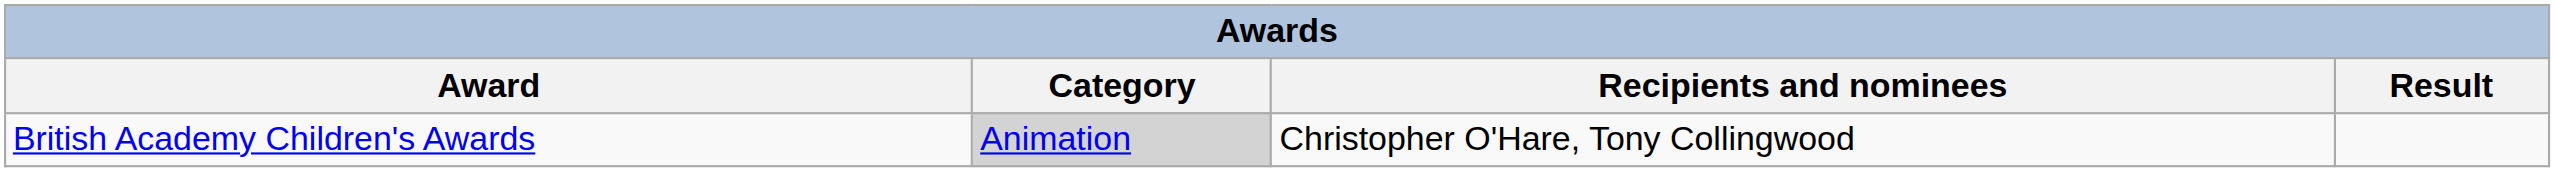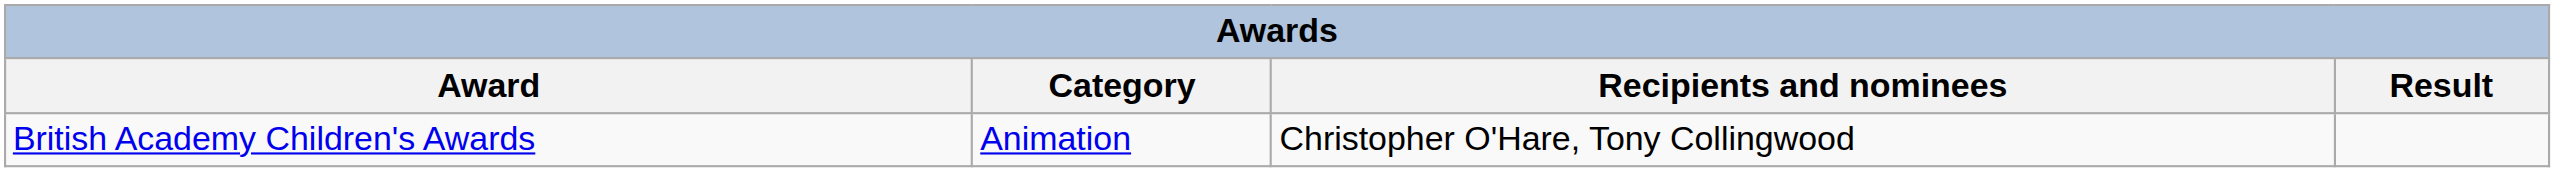 <table class="wikitable" style="width:95%;">
 <tr style="background:#ccc; text-align:center;">
 <th colspan="4" style="background: LightSteelBlue;">Awards</th>
 </tr>
 <tr style="background:#ccc; text-align:center;">
 <th>Award</th>
 <th>Category</th>
 <th>Recipients and nominees</th>
 <th>Result</th>
 </tr>
 <tr>
 <td><a href='#'>British Academy Children's Awards</a></td>
-<td style="background: lightgrey;"><a href='#'>Animation</a></td>
+<td><a href='#'>Animation</a></td>
 <td>Christopher O'Hare, Tony Collingwood</td>
 <td></td>
 </tr>
 </table>
